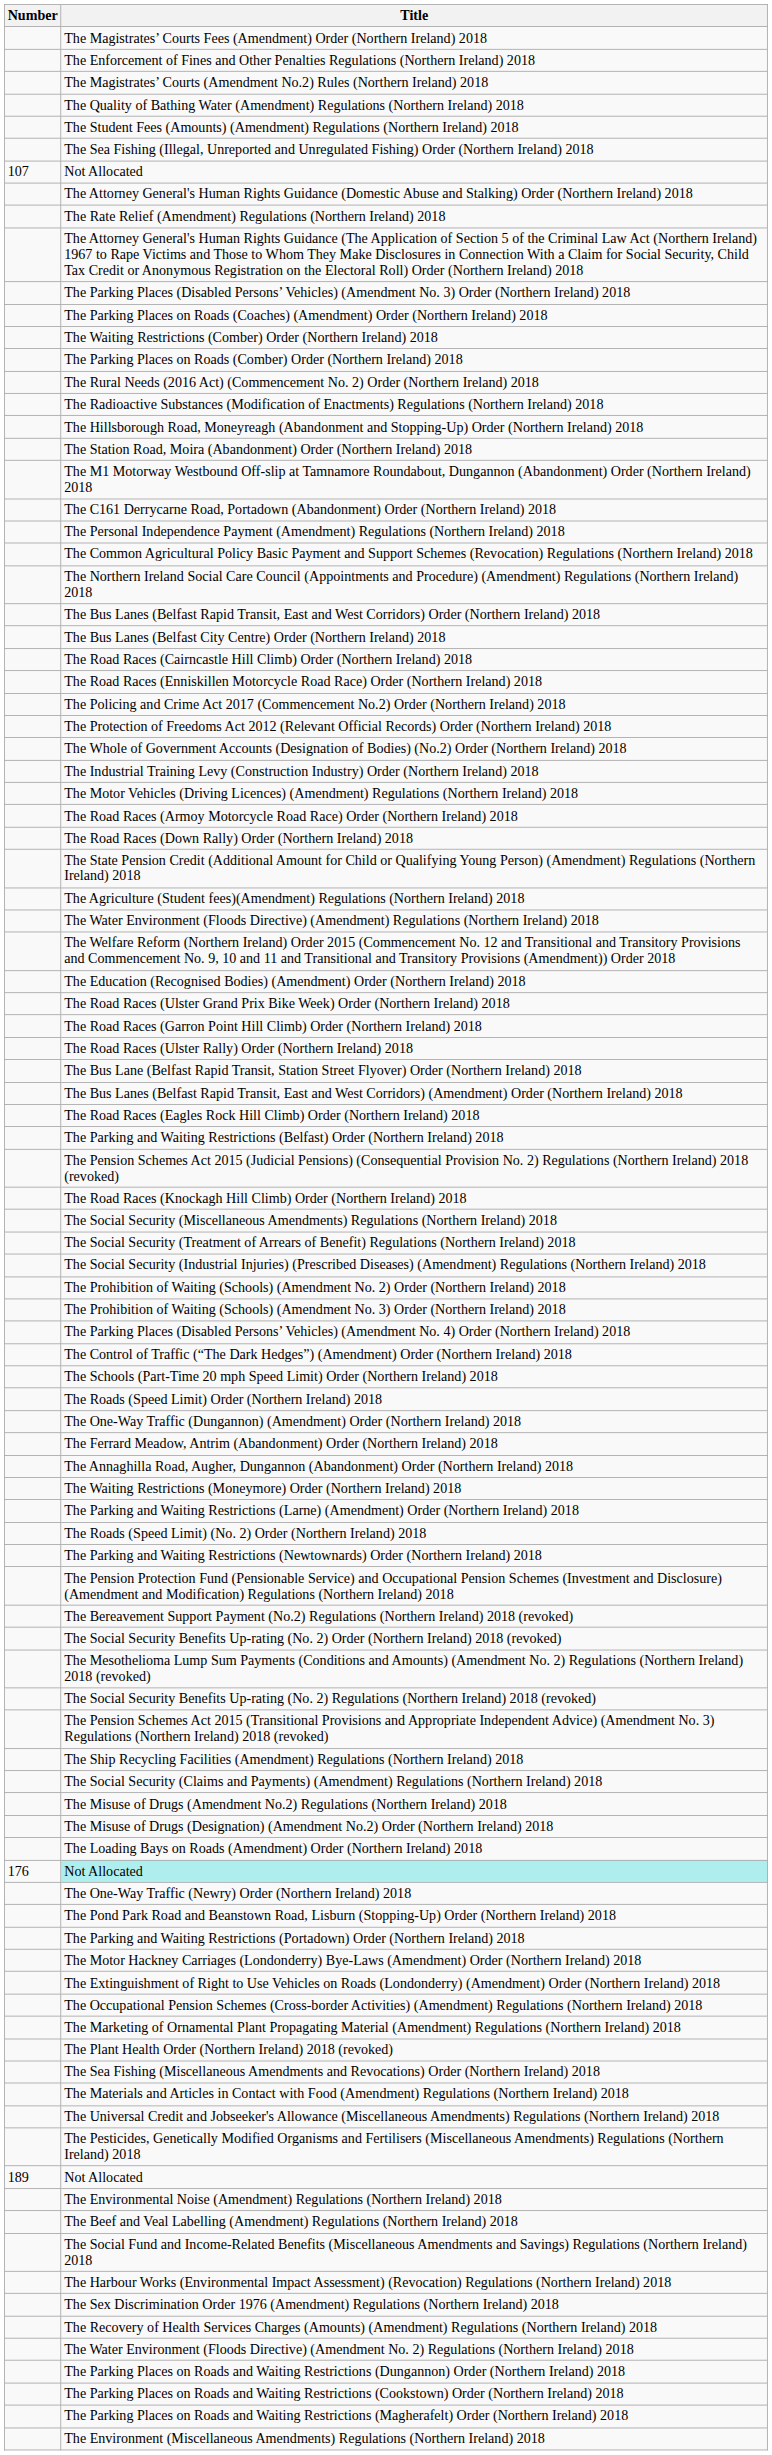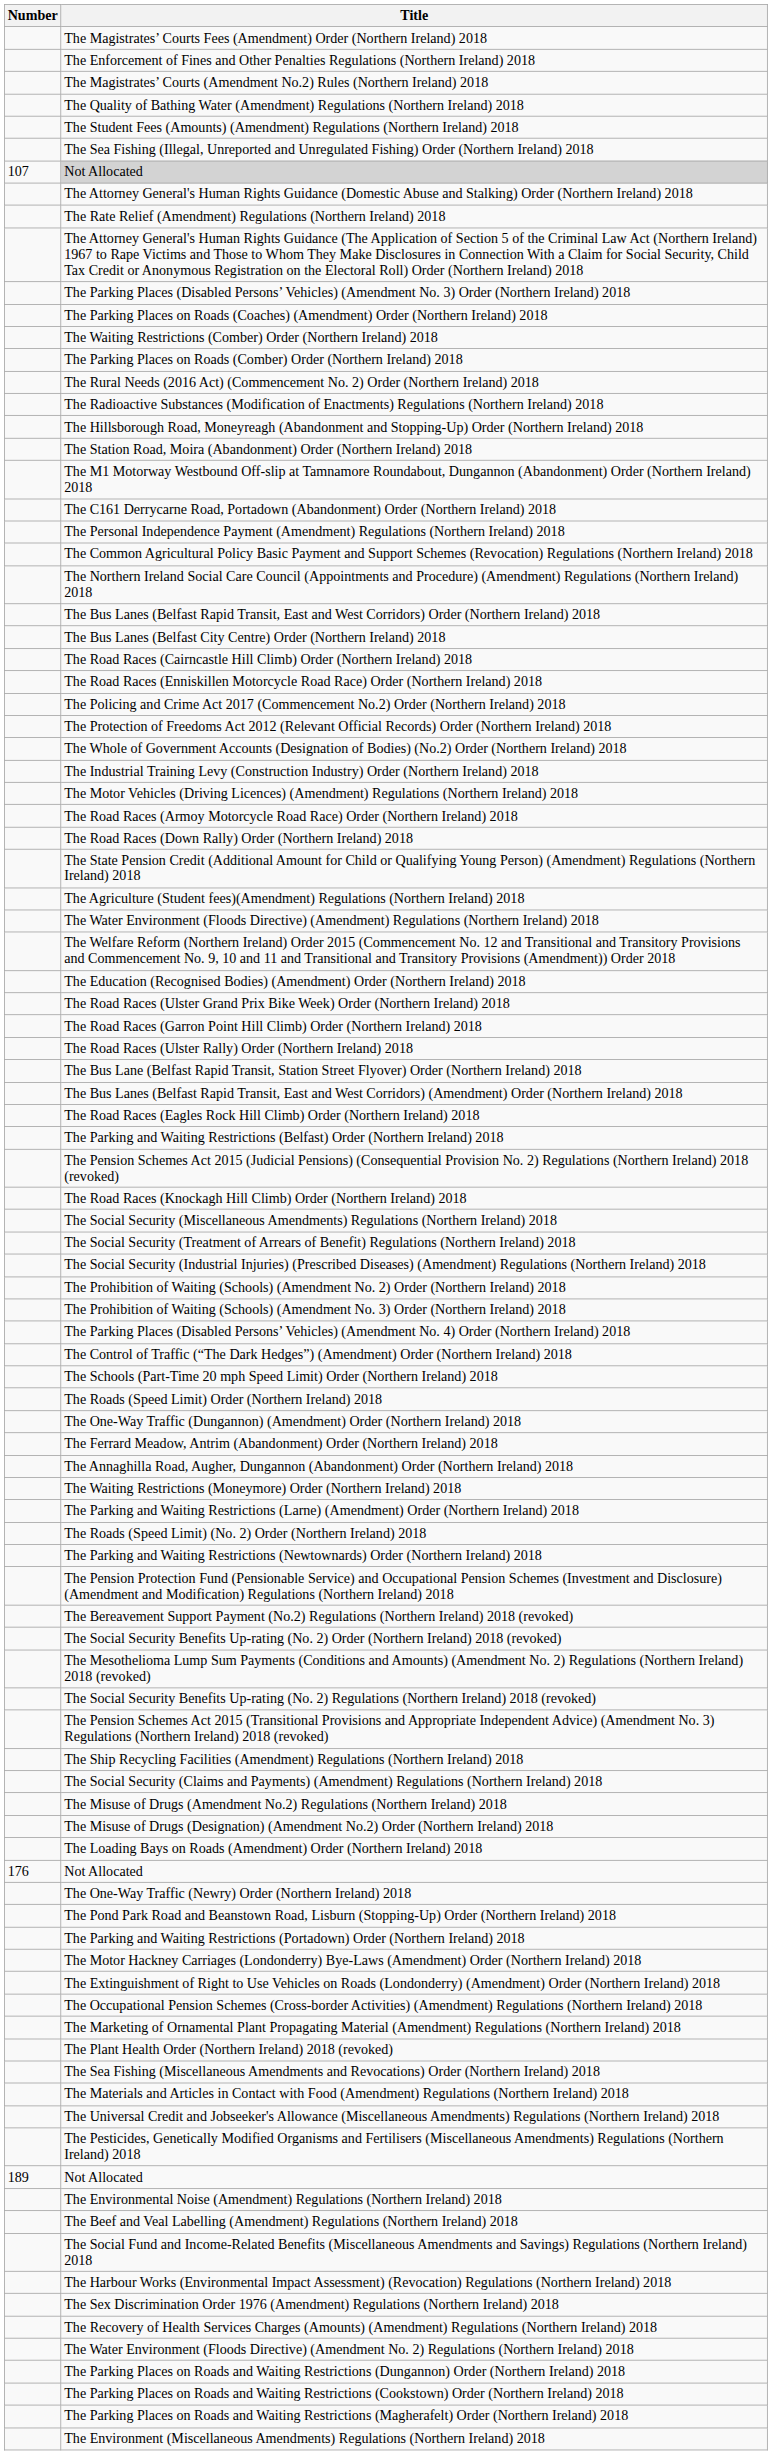 <table class="wikitable collapsible">
 <tr>
 <th>Number</th>
 <th>Title</th>
 </tr>
 <tr>
 <td></td>
 <td>The Magistrates’ Courts Fees (Amendment) Order (Northern Ireland) 2018</td>
 </tr>
 <tr>
 <td></td>
 <td>The Enforcement of Fines and Other Penalties Regulations (Northern Ireland) 2018</td>
 </tr>
 <tr>
 <td></td>
 <td>The Magistrates’ Courts (Amendment No.2) Rules (Northern Ireland) 2018</td>
 </tr>
 <tr>
 <td></td>
 <td>The Quality of Bathing Water (Amendment) Regulations (Northern Ireland) 2018</td>
 </tr>
 <tr>
 <td></td>
 <td>The Student Fees (Amounts) (Amendment) Regulations (Northern Ireland) 2018</td>
 </tr>
 <tr>
 <td></td>
 <td>The Sea Fishing (Illegal, Unreported and Unregulated Fishing) Order (Northern Ireland) 2018</td>
 </tr>
 <tr>
 <td>107</td>
-<td>Not Allocated</td>
+<td style="background: lightgrey;">Not Allocated</td>
 </tr>
 <tr>
 <td></td>
 <td>The Attorney General's Human Rights Guidance (Domestic Abuse and Stalking) Order (Northern Ireland) 2018</td>
 </tr>
 <tr>
 <td></td>
 <td>The Rate Relief (Amendment) Regulations (Northern Ireland) 2018</td>
 </tr>
 <tr>
 <td></td>
 <td>The Attorney General's Human Rights Guidance (The Application of Section 5 of the Criminal Law Act (Northern Ireland) 1967 to Rape Victims and Those to Whom They Make Disclosures in Connection With a Claim for Social Security, Child Tax Credit or Anonymous Registration on the Electoral Roll) Order (Northern Ireland) 2018</td>
 </tr>
 <tr>
 <td></td>
 <td>The Parking Places (Disabled Persons’ Vehicles) (Amendment No. 3) Order (Northern Ireland) 2018</td>
 </tr>
 <tr>
 <td></td>
 <td>The Parking Places on Roads (Coaches) (Amendment) Order (Northern Ireland) 2018</td>
 </tr>
 <tr>
 <td></td>
 <td>The Waiting Restrictions (Comber) Order (Northern Ireland) 2018</td>
 </tr>
 <tr>
 <td></td>
 <td>The Parking Places on Roads (Comber) Order (Northern Ireland) 2018</td>
 </tr>
 <tr>
 <td></td>
 <td>The Rural Needs (2016 Act) (Commencement No. 2) Order (Northern Ireland) 2018</td>
 </tr>
 <tr>
 <td></td>
 <td>The Radioactive Substances (Modification of Enactments) Regulations (Northern Ireland) 2018</td>
 </tr>
 <tr>
 <td></td>
 <td>The Hillsborough Road, Moneyreagh (Abandonment and Stopping-Up) Order (Northern Ireland) 2018</td>
 </tr>
 <tr>
 <td></td>
 <td>The Station Road, Moira (Abandonment) Order (Northern Ireland) 2018</td>
 </tr>
 <tr>
 <td></td>
 <td>The M1 Motorway Westbound Off-slip at Tamnamore Roundabout, Dungannon (Abandonment) Order (Northern Ireland) 2018</td>
 </tr>
 <tr>
 <td></td>
 <td>The C161 Derrycarne Road, Portadown (Abandonment) Order (Northern Ireland) 2018</td>
 </tr>
 <tr>
 <td></td>
 <td>The Personal Independence Payment (Amendment) Regulations (Northern Ireland) 2018</td>
 </tr>
 <tr>
 <td></td>
 <td>The Common Agricultural Policy Basic Payment and Support Schemes (Revocation) Regulations (Northern Ireland) 2018</td>
 </tr>
 <tr>
 <td></td>
 <td>The Northern Ireland Social Care Council (Appointments and Procedure) (Amendment) Regulations (Northern Ireland) 2018</td>
 </tr>
 <tr>
 <td></td>
 <td>The Bus Lanes (Belfast Rapid Transit, East and West Corridors) Order (Northern Ireland) 2018</td>
 </tr>
 <tr>
 <td></td>
 <td>The Bus Lanes (Belfast City Centre) Order (Northern Ireland) 2018</td>
 </tr>
 <tr>
 <td></td>
 <td>The Road Races (Cairncastle Hill Climb) Order (Northern Ireland) 2018</td>
 </tr>
 <tr>
 <td></td>
 <td>The Road Races (Enniskillen Motorcycle Road Race) Order (Northern Ireland) 2018</td>
 </tr>
 <tr>
 <td></td>
 <td>The Policing and Crime Act 2017 (Commencement No.2) Order (Northern Ireland) 2018</td>
 </tr>
 <tr>
 <td></td>
 <td>The Protection of Freedoms Act 2012 (Relevant Official Records) Order (Northern Ireland) 2018</td>
 </tr>
 <tr>
 <td></td>
 <td>The Whole of Government Accounts (Designation of Bodies) (No.2) Order (Northern Ireland) 2018</td>
 </tr>
 <tr>
 <td></td>
 <td>The Industrial Training Levy (Construction Industry) Order (Northern Ireland) 2018</td>
 </tr>
 <tr>
 <td></td>
 <td>The Motor Vehicles (Driving Licences) (Amendment) Regulations (Northern Ireland) 2018</td>
 </tr>
 <tr>
 <td></td>
 <td>The Road Races (Armoy Motorcycle Road Race) Order (Northern Ireland) 2018</td>
 </tr>
 <tr>
 <td></td>
 <td>The Road Races (Down Rally) Order (Northern Ireland) 2018</td>
 </tr>
 <tr>
 <td></td>
 <td>The State Pension Credit (Additional Amount for Child or Qualifying Young Person) (Amendment) Regulations (Northern Ireland) 2018</td>
 </tr>
 <tr>
 <td></td>
 <td>The Agriculture (Student fees)(Amendment) Regulations (Northern Ireland) 2018</td>
 </tr>
 <tr>
 <td></td>
 <td>The Water Environment (Floods Directive) (Amendment) Regulations (Northern Ireland) 2018</td>
 </tr>
 <tr>
 <td></td>
 <td>The Welfare Reform (Northern Ireland) Order 2015 (Commencement No. 12 and Transitional and Transitory Provisions and Commencement No. 9, 10 and 11 and Transitional and Transitory Provisions (Amendment)) Order 2018</td>
 </tr>
 <tr>
 <td></td>
 <td>The Education (Recognised Bodies) (Amendment) Order (Northern Ireland) 2018</td>
 </tr>
 <tr>
 <td></td>
 <td>The Road Races (Ulster Grand Prix Bike Week) Order (Northern Ireland) 2018</td>
 </tr>
 <tr>
 <td></td>
 <td>The Road Races (Garron Point Hill Climb) Order (Northern Ireland) 2018</td>
 </tr>
 <tr>
 <td></td>
 <td>The Road Races (Ulster Rally) Order (Northern Ireland) 2018</td>
 </tr>
 <tr>
 <td></td>
 <td>The Bus Lane (Belfast Rapid Transit, Station Street Flyover) Order (Northern Ireland) 2018</td>
 </tr>
 <tr>
 <td></td>
 <td>The Bus Lanes (Belfast Rapid Transit, East and West Corridors) (Amendment) Order (Northern Ireland) 2018</td>
 </tr>
 <tr>
 <td></td>
 <td>The Road Races (Eagles Rock Hill Climb) Order (Northern Ireland) 2018</td>
 </tr>
 <tr>
 <td></td>
 <td>The Parking and Waiting Restrictions (Belfast) Order (Northern Ireland) 2018</td>
 </tr>
 <tr>
 <td></td>
 <td>The Pension Schemes Act 2015 (Judicial Pensions) (Consequential Provision No. 2) Regulations (Northern Ireland) 2018 (revoked)</td>
 </tr>
 <tr>
 <td></td>
 <td>The Road Races (Knockagh Hill Climb) Order (Northern Ireland) 2018</td>
 </tr>
 <tr>
 <td></td>
 <td>The Social Security (Miscellaneous Amendments) Regulations (Northern Ireland) 2018</td>
 </tr>
 <tr>
 <td></td>
 <td>The Social Security (Treatment of Arrears of Benefit) Regulations (Northern Ireland) 2018</td>
 </tr>
 <tr>
 <td></td>
 <td>The Social Security (Industrial Injuries) (Prescribed Diseases) (Amendment) Regulations (Northern Ireland) 2018</td>
 </tr>
 <tr>
 <td></td>
 <td>The Prohibition of Waiting (Schools) (Amendment No. 2) Order (Northern Ireland) 2018</td>
 </tr>
 <tr>
 <td></td>
 <td>The Prohibition of Waiting (Schools) (Amendment No. 3) Order (Northern Ireland) 2018</td>
 </tr>
 <tr>
 <td></td>
 <td>The Parking Places (Disabled Persons’ Vehicles) (Amendment No. 4) Order (Northern Ireland) 2018</td>
 </tr>
 <tr>
 <td></td>
 <td>The Control of Traffic (“The Dark Hedges”) (Amendment) Order (Northern Ireland) 2018</td>
 </tr>
 <tr>
 <td></td>
 <td>The Schools (Part-Time 20 mph Speed Limit) Order (Northern Ireland) 2018</td>
 </tr>
 <tr>
 <td></td>
 <td>The Roads (Speed Limit) Order (Northern Ireland) 2018</td>
 </tr>
 <tr>
 <td></td>
 <td>The One-Way Traffic (Dungannon) (Amendment) Order (Northern Ireland) 2018</td>
 </tr>
 <tr>
 <td></td>
 <td>The Ferrard Meadow, Antrim (Abandonment) Order (Northern Ireland) 2018</td>
 </tr>
 <tr>
 <td></td>
 <td>The Annaghilla Road, Augher, Dungannon (Abandonment) Order (Northern Ireland) 2018</td>
 </tr>
 <tr>
 <td></td>
 <td>The Waiting Restrictions (Moneymore) Order (Northern Ireland) 2018</td>
 </tr>
 <tr>
 <td></td>
 <td>The Parking and Waiting Restrictions (Larne) (Amendment) Order (Northern Ireland) 2018</td>
 </tr>
 <tr>
 <td></td>
 <td>The Roads (Speed Limit) (No. 2) Order (Northern Ireland) 2018</td>
 </tr>
 <tr>
 <td></td>
 <td>The Parking and Waiting Restrictions (Newtownards) Order (Northern Ireland) 2018</td>
 </tr>
 <tr>
 <td></td>
 <td>The Pension Protection Fund (Pensionable Service) and Occupational Pension Schemes (Investment and Disclosure) (Amendment and Modification) Regulations (Northern Ireland) 2018</td>
 </tr>
 <tr>
 <td></td>
 <td>The Bereavement Support Payment (No.2) Regulations (Northern Ireland) 2018 (revoked)</td>
 </tr>
 <tr>
 <td></td>
 <td>The Social Security Benefits Up-rating (No. 2) Order (Northern Ireland) 2018 (revoked)</td>
 </tr>
 <tr>
 <td></td>
 <td>The Mesothelioma Lump Sum Payments (Conditions and Amounts) (Amendment No. 2) Regulations (Northern Ireland) 2018 (revoked)</td>
 </tr>
 <tr>
 <td></td>
 <td>The Social Security Benefits Up-rating (No. 2) Regulations (Northern Ireland) 2018 (revoked)</td>
 </tr>
 <tr>
 <td></td>
 <td>The Pension Schemes Act 2015 (Transitional Provisions and Appropriate Independent Advice) (Amendment No. 3) Regulations (Northern Ireland) 2018 (revoked)</td>
 </tr>
 <tr>
 <td></td>
 <td>The Ship Recycling Facilities (Amendment) Regulations (Northern Ireland) 2018</td>
 </tr>
 <tr>
 <td></td>
 <td>The Social Security (Claims and Payments) (Amendment) Regulations (Northern Ireland) 2018</td>
 </tr>
 <tr>
 <td></td>
 <td>The Misuse of Drugs (Amendment No.2) Regulations (Northern Ireland) 2018</td>
 </tr>
 <tr>
 <td></td>
 <td>The Misuse of Drugs (Designation) (Amendment No.2) Order (Northern Ireland) 2018</td>
 </tr>
 <tr>
 <td></td>
 <td>The Loading Bays on Roads (Amendment) Order (Northern Ireland) 2018</td>
 </tr>
 <tr>
 <td>176</td>
-<td style="background: paleturquoise;">Not Allocated</td>
+<td>Not Allocated</td>
 </tr>
 <tr>
 <td></td>
 <td>The One-Way Traffic (Newry) Order (Northern Ireland) 2018</td>
 </tr>
 <tr>
 <td></td>
 <td>The Pond Park Road and Beanstown Road, Lisburn (Stopping-Up) Order (Northern Ireland) 2018</td>
 </tr>
 <tr>
 <td></td>
 <td>The Parking and Waiting Restrictions (Portadown) Order (Northern Ireland) 2018</td>
 </tr>
 <tr>
 <td></td>
 <td>The Motor Hackney Carriages (Londonderry) Bye-Laws (Amendment) Order (Northern Ireland) 2018</td>
 </tr>
 <tr>
 <td></td>
 <td>The Extinguishment of Right to Use Vehicles on Roads (Londonderry) (Amendment) Order (Northern Ireland) 2018</td>
 </tr>
 <tr>
 <td></td>
 <td>The Occupational Pension Schemes (Cross-border Activities) (Amendment) Regulations (Northern Ireland) 2018</td>
 </tr>
 <tr>
 <td></td>
 <td>The Marketing of Ornamental Plant Propagating Material (Amendment) Regulations (Northern Ireland) 2018</td>
 </tr>
 <tr>
 <td></td>
 <td>The Plant Health Order (Northern Ireland) 2018 (revoked)</td>
 </tr>
 <tr>
 <td></td>
 <td>The Sea Fishing (Miscellaneous Amendments and Revocations) Order (Northern Ireland) 2018</td>
 </tr>
 <tr>
 <td></td>
 <td>The Materials and Articles in Contact with Food (Amendment) Regulations (Northern Ireland) 2018</td>
 </tr>
 <tr>
 <td></td>
 <td>The Universal Credit and Jobseeker's Allowance (Miscellaneous Amendments) Regulations (Northern Ireland) 2018</td>
 </tr>
 <tr>
 <td></td>
 <td>The Pesticides, Genetically Modified Organisms and Fertilisers (Miscellaneous Amendments) Regulations (Northern Ireland) 2018</td>
 </tr>
 <tr>
 <td>189</td>
 <td>Not Allocated</td>
 </tr>
 <tr>
 <td></td>
 <td>The Environmental Noise (Amendment) Regulations (Northern Ireland) 2018</td>
 </tr>
 <tr>
 <td></td>
 <td>The Beef and Veal Labelling (Amendment) Regulations (Northern Ireland) 2018</td>
 </tr>
 <tr>
 <td></td>
 <td>The Social Fund and Income-Related Benefits (Miscellaneous Amendments and Savings) Regulations (Northern Ireland) 2018</td>
 </tr>
 <tr>
 <td></td>
 <td>The Harbour Works (Environmental Impact Assessment) (Revocation) Regulations (Northern Ireland) 2018</td>
 </tr>
 <tr>
 <td></td>
 <td>The Sex Discrimination Order 1976 (Amendment) Regulations (Northern Ireland) 2018</td>
 </tr>
 <tr>
 <td></td>
 <td>The Recovery of Health Services Charges (Amounts) (Amendment) Regulations (Northern Ireland) 2018</td>
 </tr>
 <tr>
 <td></td>
 <td>The Water Environment (Floods Directive) (Amendment No. 2) Regulations (Northern Ireland) 2018</td>
 </tr>
 <tr>
 <td></td>
 <td>The Parking Places on Roads and Waiting Restrictions (Dungannon) Order (Northern Ireland) 2018</td>
 </tr>
 <tr>
 <td></td>
 <td>The Parking Places on Roads and Waiting Restrictions (Cookstown) Order (Northern Ireland) 2018</td>
 </tr>
 <tr>
 <td></td>
 <td>The Parking Places on Roads and Waiting Restrictions (Magherafelt) Order (Northern Ireland) 2018</td>
 </tr>
 <tr>
 <td></td>
 <td>The Environment (Miscellaneous Amendments) Regulations (Northern Ireland) 2018</td>
 </tr>
 </table>
